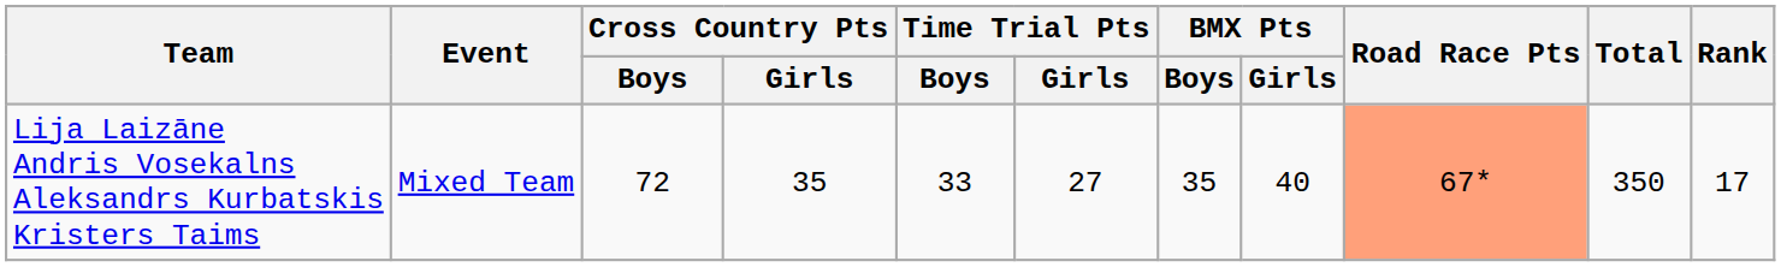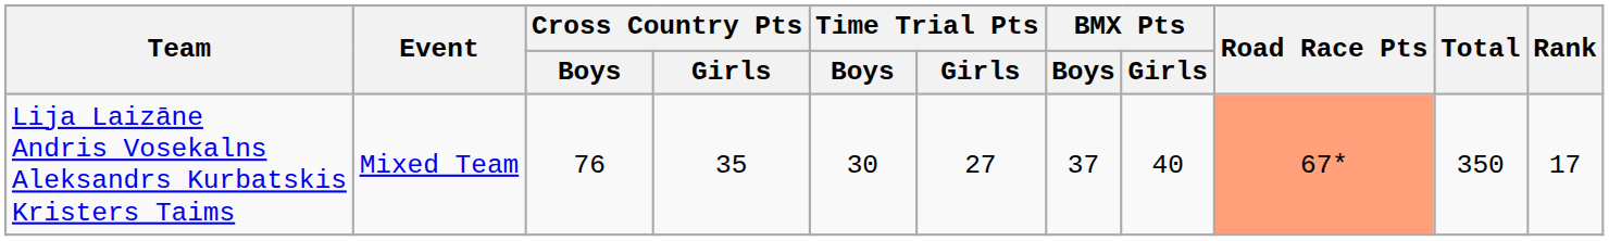 <table class="wikitable" border="1" style="font-size:90%">
 <tr>
 <th rowspan=2>Team</th>
 <th rowspan=2>Event</th>
 <th colspan=2>Cross Country Pts</th>
 <th colspan=2>Time Trial Pts</th>
 <th colspan=2>BMX Pts</th>
 <th rowspan=2>Road Race Pts</th>
 <th rowspan=2>Total</th>
 <th rowspan=2>Rank</th>
 </tr>
 <tr>
 <th>Boys</th>
 <th>Girls</th>
 <th>Boys</th>
 <th>Girls</th>
 <th>Boys</th>
 <th>Girls</th>
 </tr>
 <tr>
 <td><a href='#'>Lija Laizāne</a><br><a href='#'>Andris Vosekalns</a><br><a href='#'>Aleksandrs Kurbatskis</a><br><a href='#'>Kristers Taims</a></td>
 <td><a href='#'>Mixed Team</a></td>
-<td align=center>72</td>
+<td align=center>76</td>
 <td align=center>35</td>
-<td align=center>33</td>
+<td align=center>30</td>
 <td align=center>27</td>
-<td align=center>35</td>
+<td align=center>37</td>
 <td align=center>40</td>
 <td align=center style="background: lightsalmon;">67*</td>
 <td align=center>350</td>
 <td align=center>17</td>
 </tr>
 </table>
